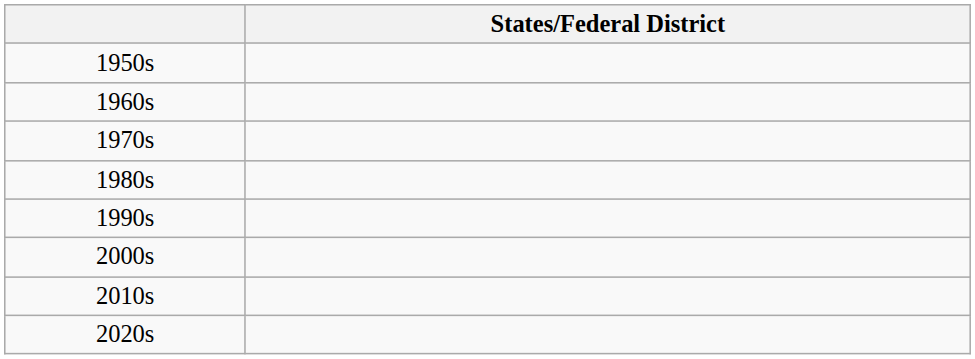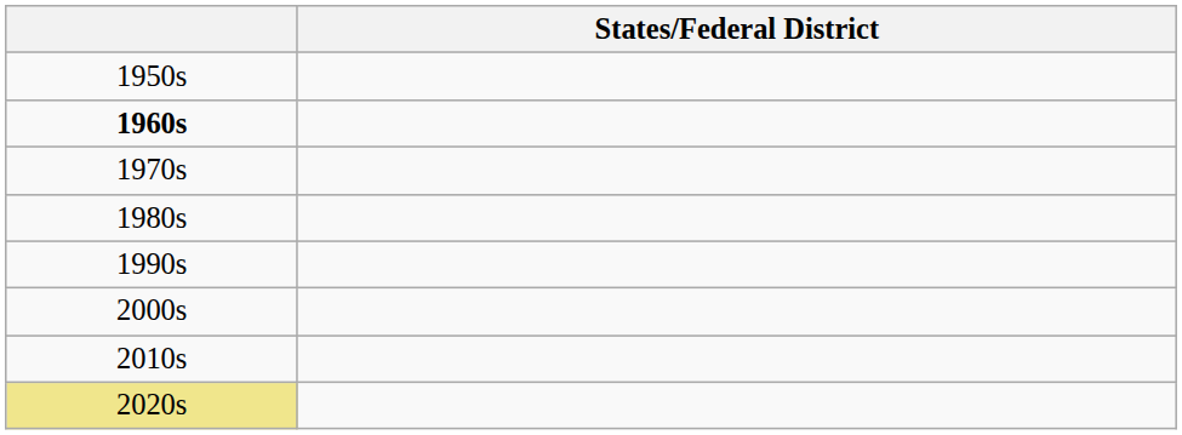 <table class="wikitable" style="width:50%">
 <tr>
 <th style="width:8em;"></th>
 <th style="width:25em;">States/Federal District</th>
 </tr>
 <tr>
 <td style="text-align:center;">1950s</td>
 <td></td>
 </tr>
 <tr>
-<td style="text-align:center;">1960s</td>
+<td style="text-align:center;"><strong>1960s</strong></td>
 <td></td>
 </tr>
 <tr>
 <td style="text-align:center;">1970s</td>
 <td></td>
 </tr>
 <tr>
 <td style="text-align:center;">1980s</td>
 <td></td>
 </tr>
 <tr>
 <td style="text-align:center;">1990s</td>
 <td></td>
 </tr>
 <tr>
 <td style="text-align:center;">2000s</td>
 <td></td>
 </tr>
 <tr>
 <td style="text-align:center;">2010s</td>
 <td></td>
 </tr>
 <tr>
-<td style="text-align:center;">2020s</td>
+<td style="background: khaki; text-align:center;">2020s</td>
 <td></td>
 </tr>
 </table>
